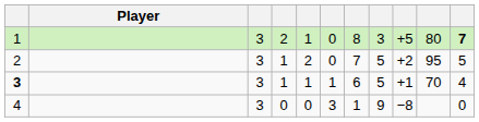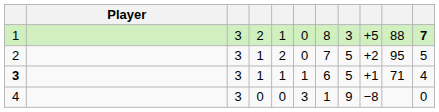 <table class="wikitable" style="text-align:center; margin: 1em auto 1em auto, align:left">
 <tr>
 <th width=20></th>
 <th width=240>Player</th>
 <th width=20></th>
 <th width=20></th>
 <th width=20></th>
 <th width=20></th>
 <th width=20></th>
 <th width=20></th>
 <th width=20></th>
 <th width=30></th>
 <th width=20></th>
 </tr>
 <tr style="background:#D0F0C0;">
 <td>1</td>
 <td align=left></td>
 <td>3</td>
 <td>2</td>
 <td>1</td>
 <td>0</td>
 <td>8</td>
 <td>3</td>
 <td>+5</td>
-<td>80</td>
+<td>88</td>
 <td><strong>7</strong></td>
 </tr>
 <tr style=>
 <td>2</td>
 <td align=left></td>
 <td>3</td>
 <td>1</td>
 <td>2</td>
 <td>0</td>
 <td>7</td>
 <td>5</td>
 <td>+2</td>
 <td>95</td>
 <td>5</td>
 </tr>
 <tr style=>
 <td><strong>3</strong></td>
 <td align=left></td>
 <td>3</td>
 <td>1</td>
 <td>1</td>
 <td>1</td>
 <td>6</td>
 <td>5</td>
 <td>+1</td>
-<td>70</td>
+<td>71</td>
 <td>4</td>
 </tr>
 <tr style=>
 <td>4</td>
 <td align=left></td>
 <td>3</td>
 <td>0</td>
 <td>0</td>
 <td>3</td>
 <td>1</td>
 <td>9</td>
 <td>−8</td>
 <td></td>
 <td>0</td>
 </tr>
 </table>
